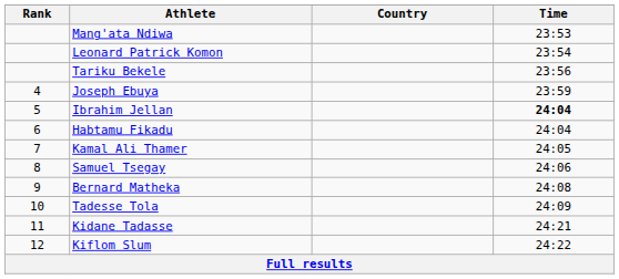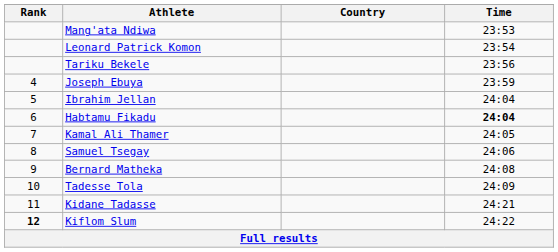 <table class="wikitable sortable" style=" text-align:center; font-size:95%;" width="50%">
 <tr>
 </tr>
 <tr>
 <th width=5%>Rank</th>
 <th width=20%>Athlete</th>
 <th width=15%>Country</th>
 <th width=10%>Time</th>
 </tr>
 <tr>
 <td align=center></td>
 <td align=left><a href='#'>Mang'ata Ndiwa</a></td>
 <td align=left></td>
 <td>23:53</td>
 </tr>
 <tr>
 <td align=center></td>
 <td align=left><a href='#'>Leonard Patrick Komon</a></td>
 <td align=left></td>
 <td>23:54</td>
 </tr>
 <tr>
 <td align=center></td>
 <td align=left><a href='#'>Tariku Bekele</a></td>
 <td align=left></td>
 <td>23:56</td>
 </tr>
 <tr>
 <td align=center>4</td>
 <td align=left><a href='#'>Joseph Ebuya</a></td>
 <td align=left></td>
 <td>23:59</td>
 </tr>
 <tr>
 <td align=center>5</td>
 <td align=left><a href='#'>Ibrahim Jellan</a></td>
 <td align=left></td>
-<td><strong>24:04</strong></td>
+<td>24:04</td>
 </tr>
 <tr>
 <td align=center>6</td>
 <td align=left><a href='#'>Habtamu Fikadu</a></td>
 <td align=left></td>
-<td>24:04</td>
+<td><strong>24:04</strong></td>
 </tr>
 <tr>
 <td align=center>7</td>
 <td align=left><a href='#'>Kamal Ali Thamer</a></td>
 <td align=left></td>
 <td>24:05</td>
 </tr>
 <tr>
 <td align=center>8</td>
 <td align=left><a href='#'>Samuel Tsegay</a></td>
 <td align=left></td>
 <td>24:06</td>
 </tr>
 <tr>
 <td align=center>9</td>
 <td align=left><a href='#'>Bernard Matheka</a></td>
 <td align=left></td>
 <td>24:08</td>
 </tr>
 <tr>
 <td align=center>10</td>
 <td align=left><a href='#'>Tadesse Tola</a></td>
 <td align=left></td>
 <td>24:09</td>
 </tr>
 <tr>
 <td align=center>11</td>
 <td align=left><a href='#'>Kidane Tadasse</a></td>
 <td align=left></td>
 <td>24:21</td>
 </tr>
 <tr>
-<td align=center>12</td>
+<td align=center><strong>12</strong></td>
 <td align=left><a href='#'>Kiflom Slum</a></td>
 <td align=left></td>
 <td>24:22</td>
 </tr>
 <tr class="sortbottom">
 <th colspan=4 align=center><a href='#'>Full results</a></th>
 </tr>
 </table>
